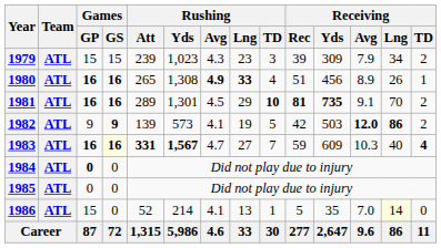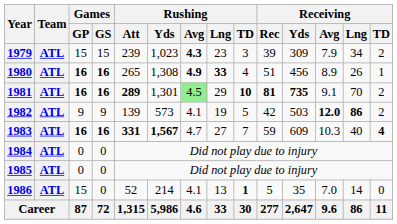 <table class=wikitable style="text-align:center">
 <tr>
 <th rowspan="2">Year</th>
 <th rowspan="2">Team</th>
 <th colspan="2">Games</th>
 <th colspan="5">Rushing</th>
 <th colspan="5">Receiving</th>
 </tr>
 <tr>
 <th>GP</th>
 <th>GS</th>
 <th>Att</th>
 <th>Yds</th>
 <th>Avg</th>
 <th>Lng</th>
 <th>TD</th>
 <th>Rec</th>
 <th>Yds</th>
 <th>Avg</th>
 <th>Lng</th>
 <th>TD</th>
 </tr>
 <tr>
 <th><a href='#'>1979</a></th>
 <th><a href='#'>ATL</a></th>
 <td>15</td>
 <td>15</td>
 <td>239</td>
 <td>1,023</td>
-<td>4.3</td>
+<td><strong>4.3</strong></td>
 <td>23</td>
 <td>3</td>
 <td>39</td>
 <td>309</td>
 <td>7.9</td>
 <td>34</td>
 <td>2</td>
 </tr>
 <tr>
 <th><a href='#'>1980</a></th>
 <th><a href='#'>ATL</a></th>
 <td><strong>16</strong></td>
 <td><strong>16</strong></td>
 <td>265</td>
 <td>1,308</td>
 <td><strong>4.9</strong></td>
 <td><strong>33</strong></td>
 <td>4</td>
 <td>51</td>
 <td>456</td>
 <td>8.9</td>
 <td>26</td>
 <td>1</td>
 </tr>
 <tr>
 <th><a href='#'>1981</a></th>
 <th><a href='#'>ATL</a></th>
 <td><strong>16</strong></td>
 <td><strong>16</strong></td>
-<td>289</td>
+<td><strong>289</strong></td>
 <td>1,301</td>
-<td>4.5</td>
+<td style="background: lightgreen;">4.5</td>
 <td>29</td>
 <td><strong>10</strong></td>
 <td><strong>81</strong></td>
 <td><strong>735</strong></td>
 <td>9.1</td>
 <td>70</td>
 <td>2</td>
 </tr>
 <tr>
 <th><a href='#'>1982</a></th>
 <th><a href='#'>ATL</a></th>
 <td>9</td>
-<td><strong>9</strong></td>
+<td>9</td>
 <td>139</td>
 <td>573</td>
 <td>4.1</td>
 <td>19</td>
 <td>5</td>
 <td>42</td>
 <td>503</td>
 <td><strong>12.0</strong></td>
 <td><strong>86</strong></td>
 <td>2</td>
 </tr>
 <tr>
 <th><a href='#'>1983</a></th>
 <th><a href='#'>ATL</a></th>
 <td><strong>16</strong></td>
-<td style="background: lightyellow;"><strong>16</strong></td>
+<td><strong>16</strong></td>
 <td><strong>331</strong></td>
 <td><strong>1,567</strong></td>
 <td>4.7</td>
 <td>27</td>
 <td>7</td>
 <td>59</td>
 <td>609</td>
 <td>10.3</td>
 <td>40</td>
 <td><strong>4</strong></td>
 </tr>
 <tr>
 <th><a href='#'>1984</a></th>
 <th><a href='#'>ATL</a></th>
-<td><strong>0</strong></td>
+<td>0</td>
 <td>0</td>
 <td colspan="10"><em>Did not play due to injury</em></td>
 </tr>
 <tr>
 <th><a href='#'>1985</a></th>
 <th><a href='#'>ATL</a></th>
 <td>0</td>
 <td>0</td>
 <td colspan="10"><em>Did not play due to injury</em></td>
 </tr>
 <tr>
 <th><a href='#'>1986</a></th>
 <th><a href='#'>ATL</a></th>
 <td>15</td>
 <td>0</td>
 <td>52</td>
 <td>214</td>
 <td>4.1</td>
 <td>13</td>
-<td>1</td>
+<td><strong>1</strong></td>
 <td>5</td>
 <td>35</td>
 <td>7.0</td>
-<td style="background: lightyellow;">14</td>
+<td>14</td>
 <td>0</td>
 </tr>
 <tr>
 <th colspan="2">Career</th>
 <th>87</th>
 <th>72</th>
 <th>1,315</th>
 <th>5,986</th>
 <th>4.6</th>
 <th>33</th>
 <th>30</th>
 <th>277</th>
 <th>2,647</th>
 <th>9.6</th>
 <th>86</th>
 <th>11</th>
 </tr>
 </table>
